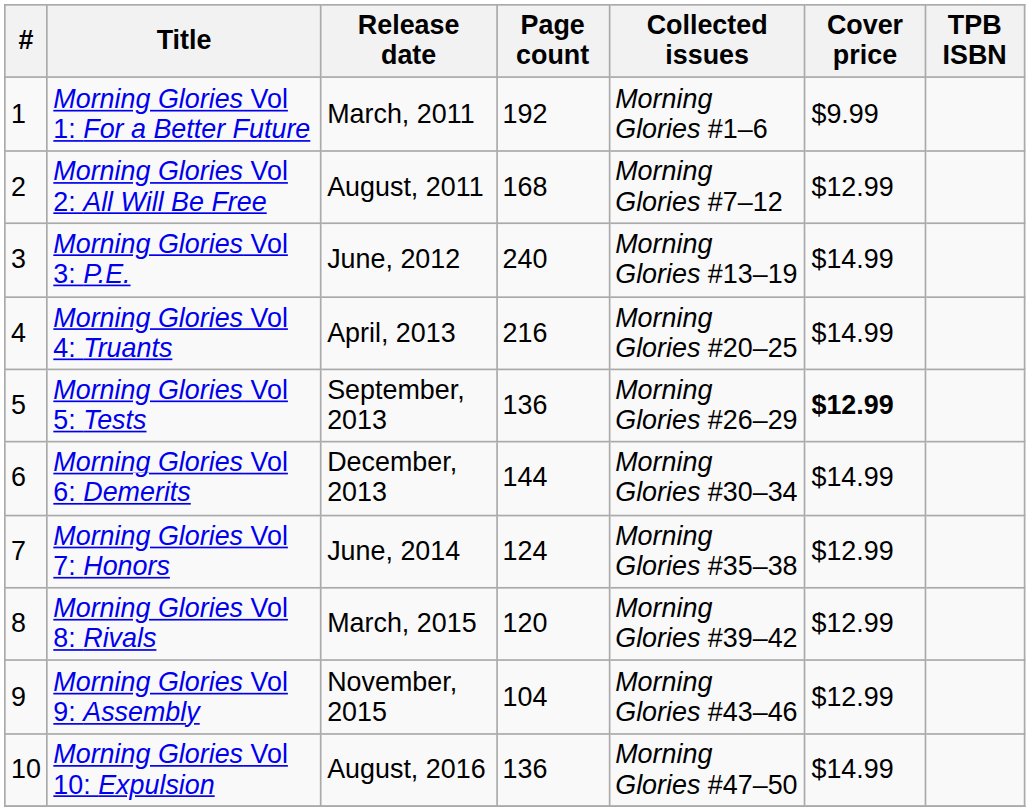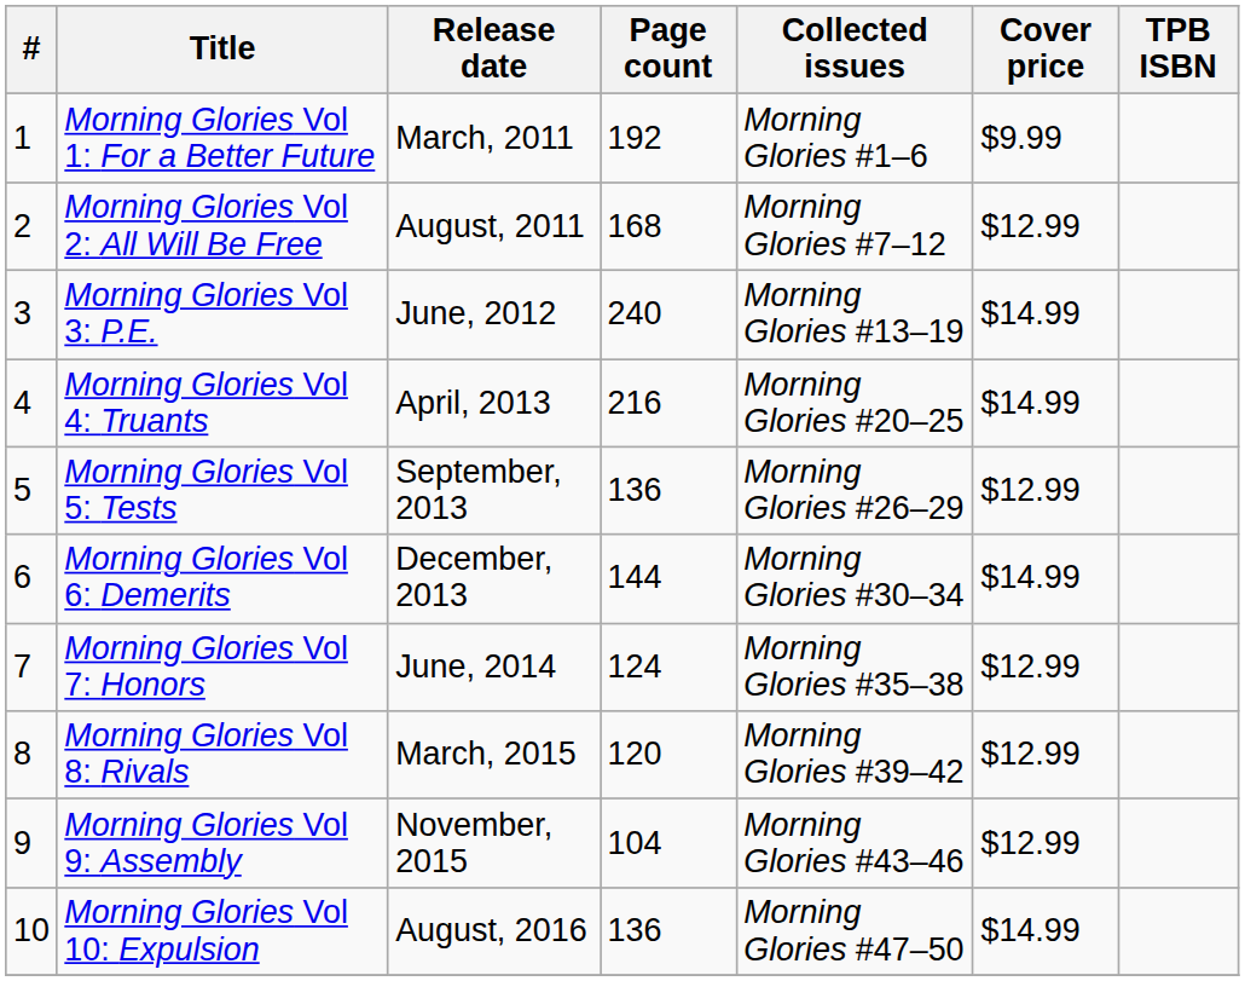 <table class="wikitable">
 <tr>
 <th>#</th>
 <th>Title</th>
 <th>Release date</th>
 <th>Page count</th>
 <th>Collected issues</th>
 <th>Cover price</th>
 <th>TPB ISBN</th>
 </tr>
 <tr>
 <td>1</td>
 <td><a href='#'><em>Morning Glories</em> Vol 1: <em>For a Better Future</em></a></td>
 <td>March, 2011</td>
 <td>192</td>
 <td><em>Morning Glories</em> #1–6</td>
 <td>$9.99</td>
 <td></td>
 </tr>
 <tr>
 <td>2</td>
 <td><a href='#'><em>Morning Glories</em> Vol 2: <em>All Will Be Free</em></a></td>
 <td>August, 2011</td>
 <td>168</td>
 <td><em>Morning Glories</em> #7–12</td>
 <td>$12.99</td>
 <td></td>
 </tr>
 <tr>
 <td>3</td>
 <td><a href='#'><em>Morning Glories</em> Vol 3: <em>P.E.</em></a></td>
 <td>June, 2012</td>
 <td>240</td>
 <td><em>Morning Glories</em> #13–19</td>
 <td>$14.99</td>
 <td></td>
 </tr>
 <tr>
 <td>4</td>
 <td><a href='#'><em>Morning Glories</em> Vol 4: <em>Truants</em></a></td>
 <td>April, 2013</td>
 <td>216</td>
 <td><em>Morning Glories</em> #20–25</td>
 <td>$14.99</td>
 <td></td>
 </tr>
 <tr>
 <td>5</td>
 <td><a href='#'><em>Morning Glories</em> Vol 5: <em>Tests</em></a></td>
 <td>September, 2013</td>
 <td>136</td>
 <td><em>Morning Glories</em> #26–29</td>
-<td><strong>$12.99</strong></td>
+<td>$12.99</td>
 <td></td>
 </tr>
 <tr>
 <td>6</td>
 <td><a href='#'><em>Morning Glories</em> Vol 6: <em>Demerits</em></a></td>
 <td>December, 2013</td>
 <td>144</td>
 <td><em>Morning Glories</em> #30–34</td>
 <td>$14.99</td>
 <td></td>
 </tr>
 <tr>
 <td>7</td>
 <td><a href='#'><em>Morning Glories</em> Vol 7: <em>Honors</em></a></td>
 <td>June, 2014</td>
 <td>124</td>
 <td><em>Morning Glories</em> #35–38</td>
 <td>$12.99</td>
 <td></td>
 </tr>
 <tr>
 <td>8</td>
 <td><a href='#'><em>Morning Glories</em> Vol 8: <em>Rivals</em></a></td>
 <td>March, 2015</td>
 <td>120</td>
 <td><em>Morning Glories</em> #39–42</td>
 <td>$12.99</td>
 <td></td>
 </tr>
 <tr>
 <td>9</td>
 <td><a href='#'><em>Morning Glories</em> Vol 9: <em>Assembly</em></a></td>
 <td>November, 2015</td>
 <td>104</td>
 <td><em>Morning Glories</em> #43–46</td>
 <td>$12.99</td>
 <td></td>
 </tr>
 <tr>
 <td>10</td>
 <td><a href='#'><em>Morning Glories</em> Vol 10: <em>Expulsion</em></a></td>
 <td>August, 2016</td>
 <td>136</td>
 <td><em>Morning Glories</em> #47–50</td>
 <td>$14.99</td>
 <td></td>
 </tr>
 <tr>
 </tr>
 </table>
